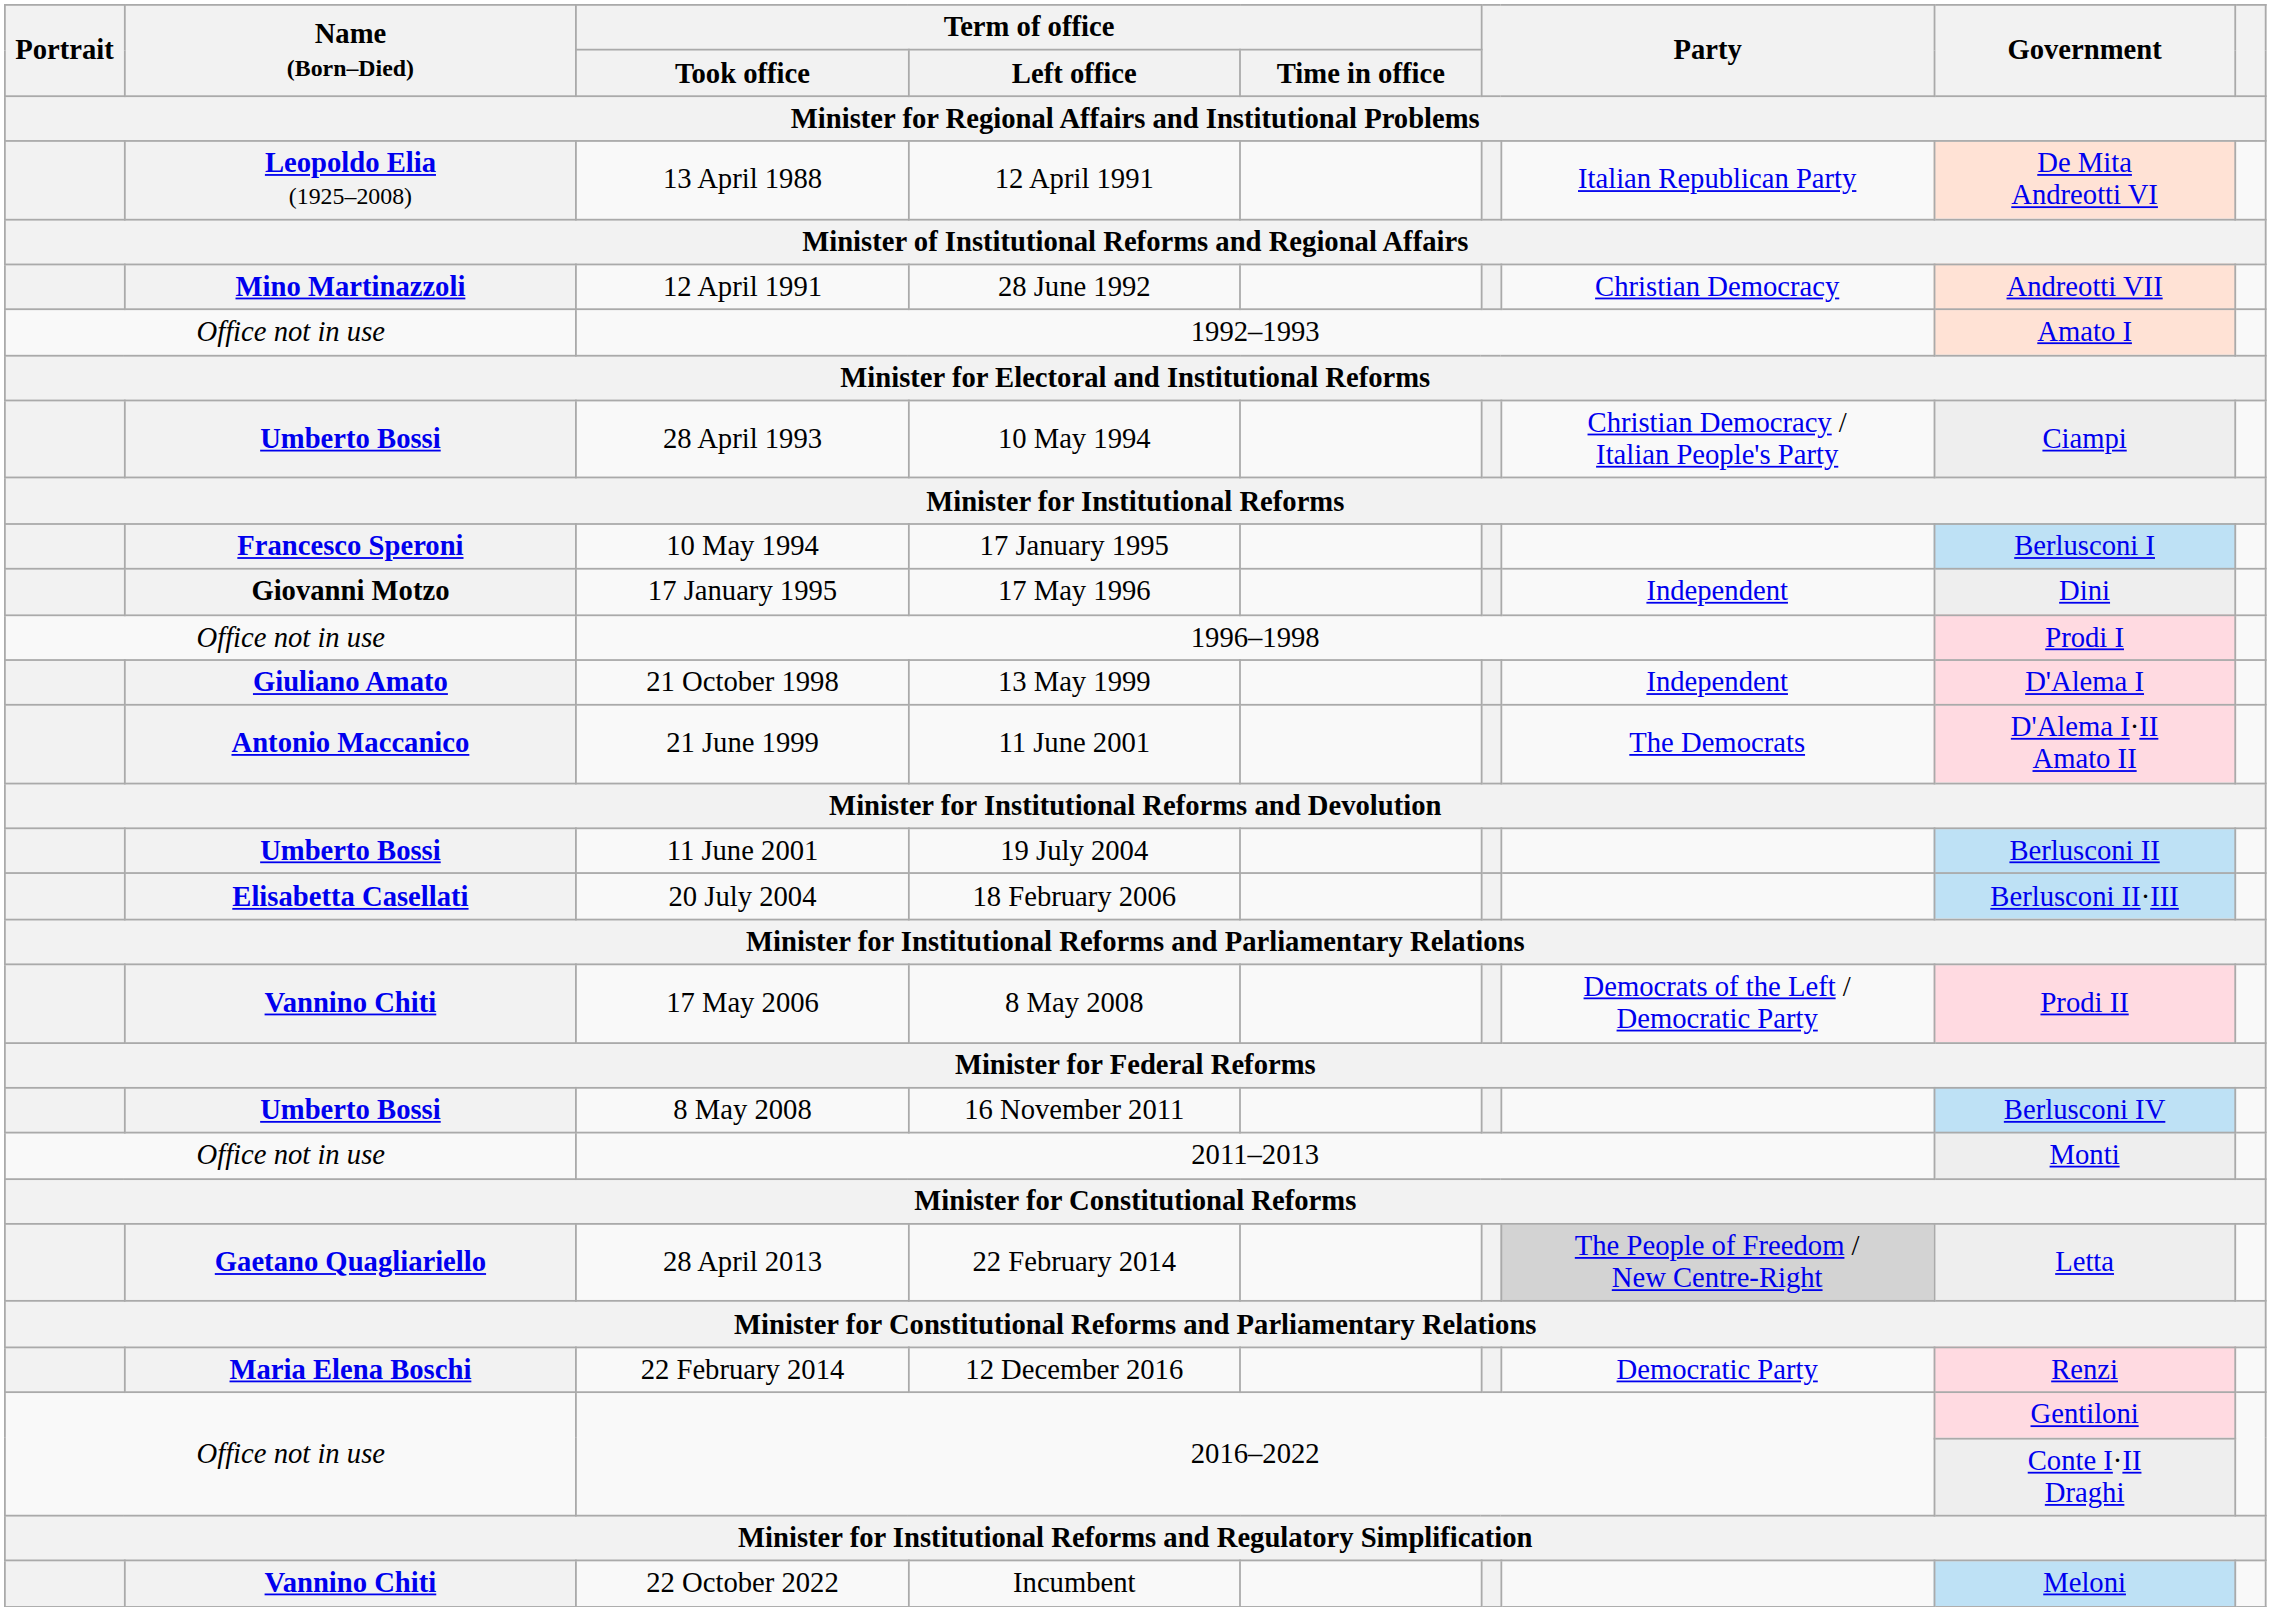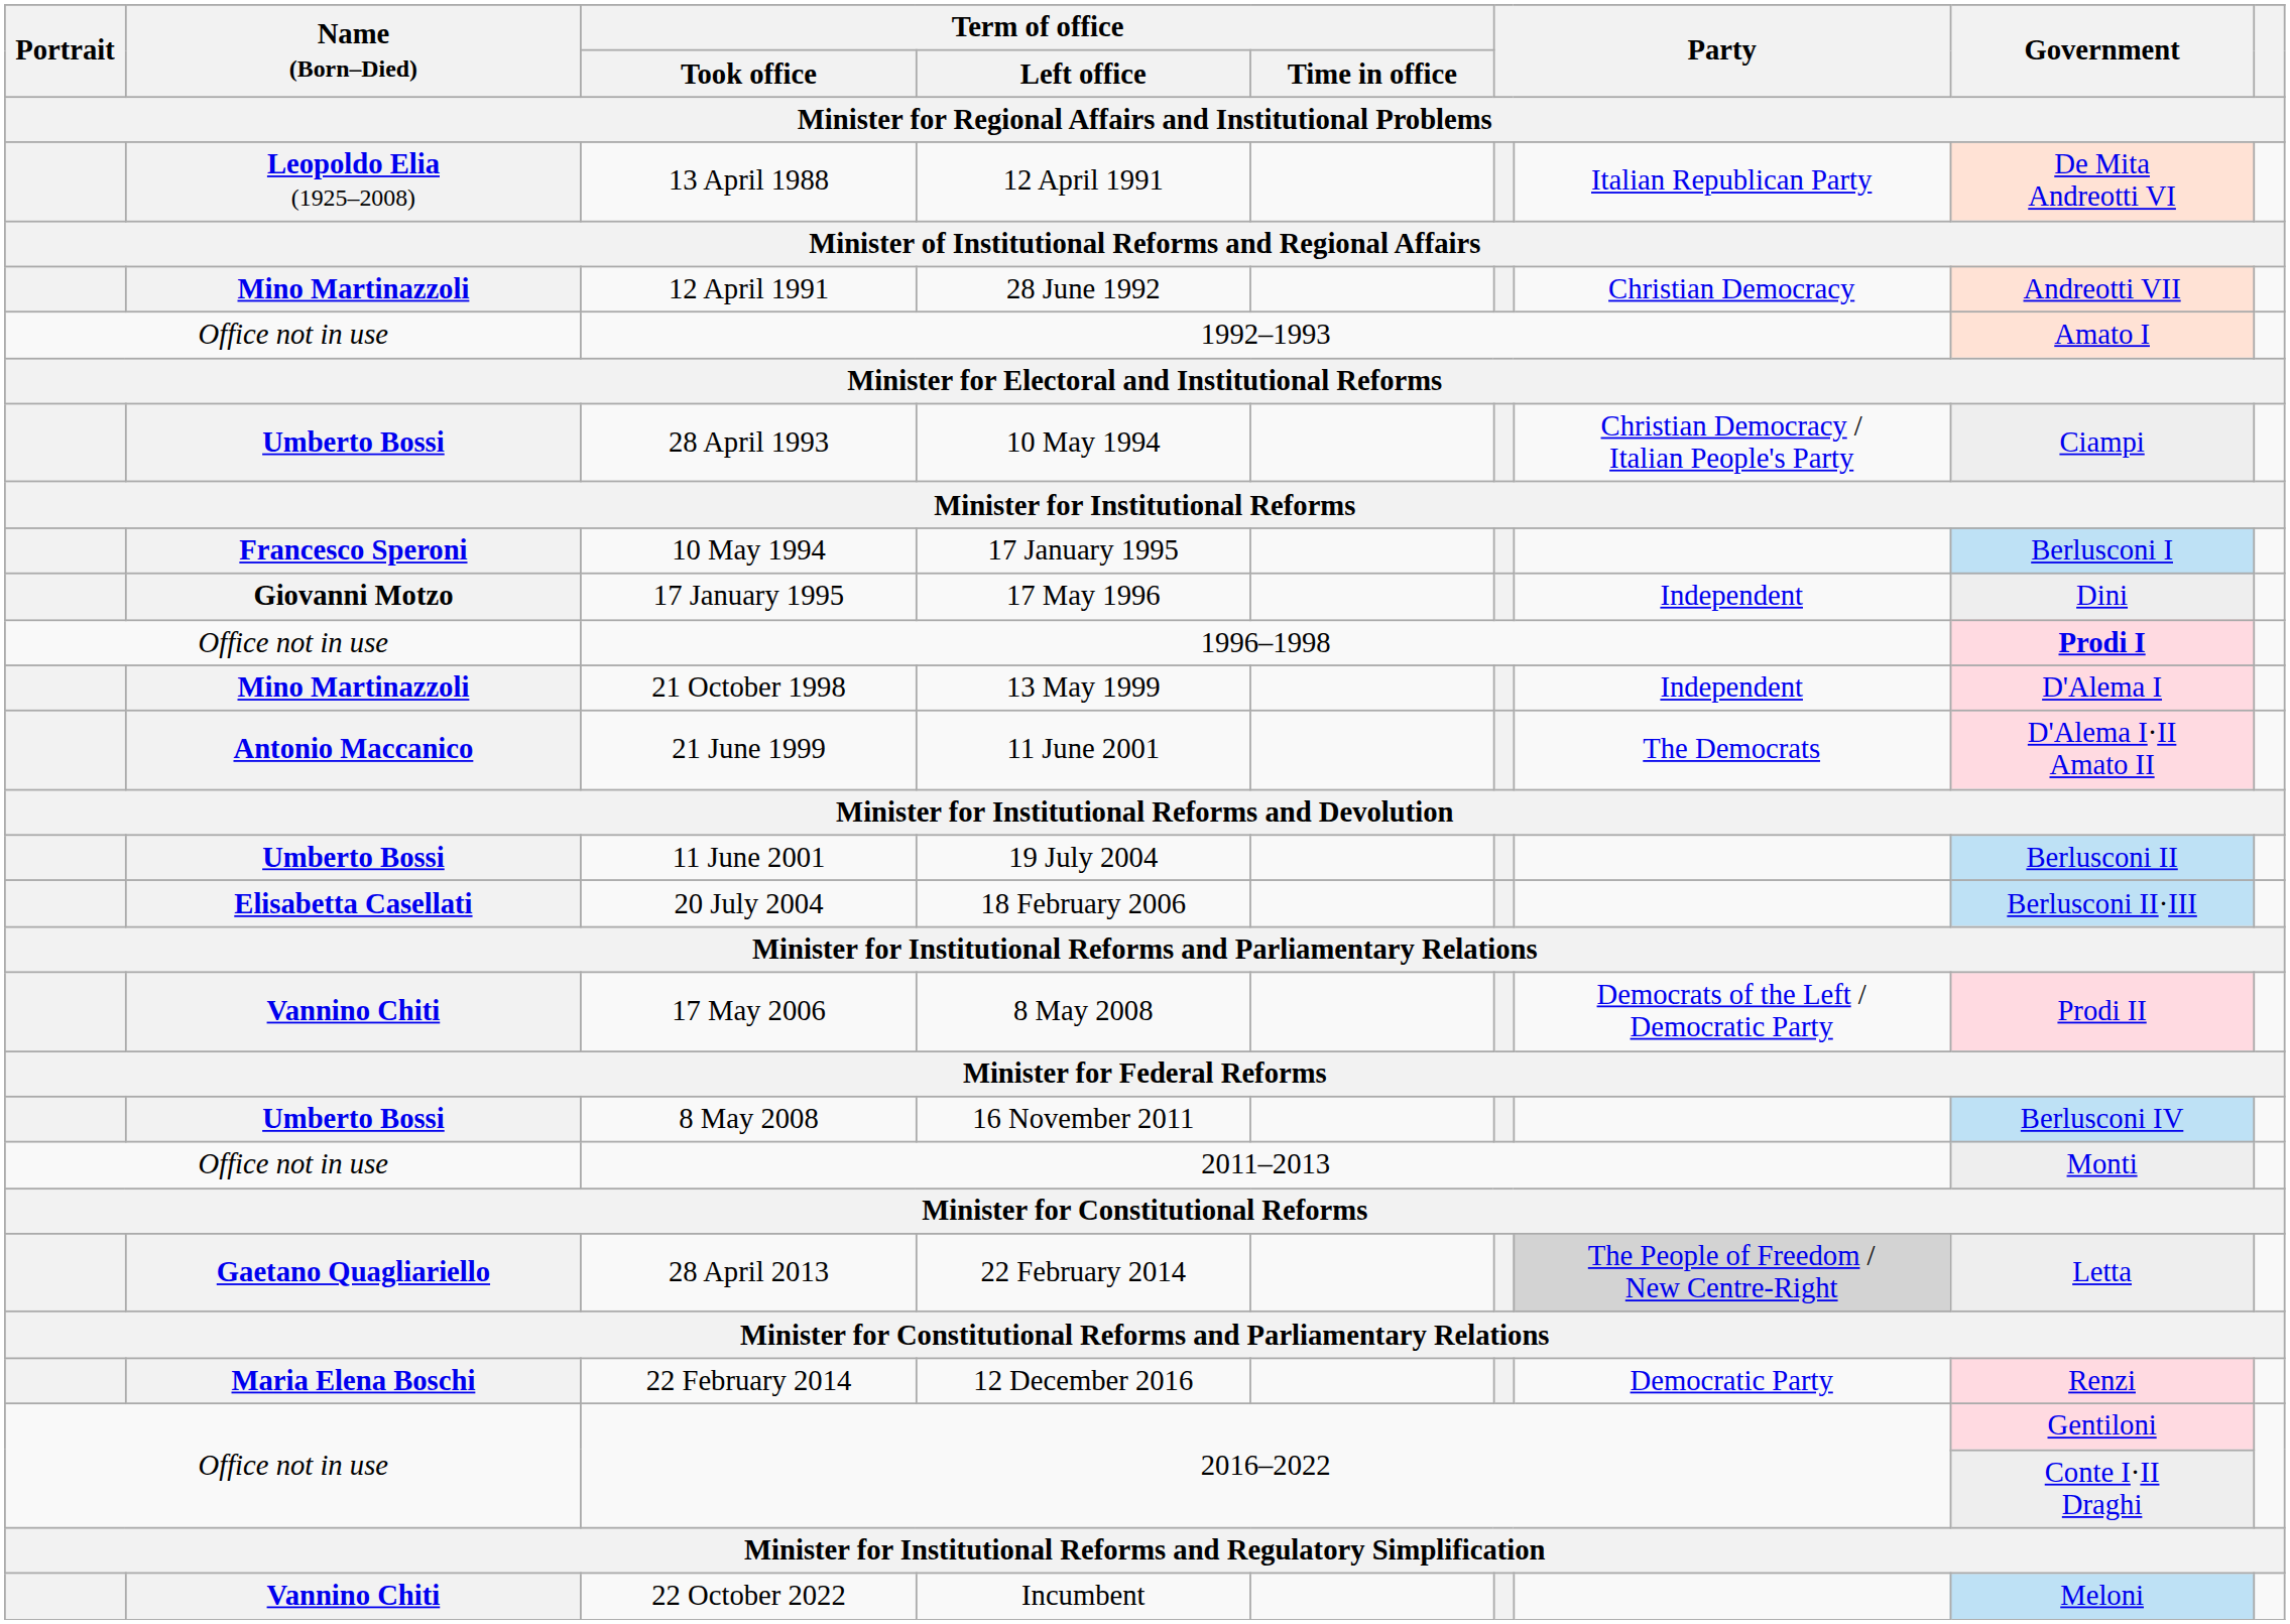 <table class="wikitable" style="text-align:center; style="width=100%">
 <tr>
 <th width=1% rowspan=2>Portrait</th>
 <th width=15% rowspan=2>Name<br><small>(Born–Died)</small></th>
 <th width=30% colspan=3>Term of office</th>
 <th width=15% rowspan=2 colspan=2>Party</th>
 <th width=10% rowspan=2>Government</th>
 <th width=1% rowspan=2></th>
 </tr>
 <tr style="text-align:center;">
 <th width=11%>Took office</th>
 <th width=11%>Left office</th>
 <th width=8%>Time in office</th>
 </tr>
 <tr>
 <th colspan=9>Minister for Regional Affairs and Institutional Problems</th>
 </tr>
 <tr>
 <th></th>
 <th scope="row" style="font-weight:normal"><strong><a href='#'>Leopoldo Elia</a></strong><br><small>(1925–2008)</small></th>
 <td>13 April 1988</td>
 <td>12 April 1991</td>
 <td></td>
 <th style="background:"></th>
 <td><a href='#'>Italian Republican Party</a></td>
 <td bgcolor=#FFE2D5><a href='#'>De Mita</a><br><a href='#'>Andreotti VI</a></td>
 <td></td>
 </tr>
 <tr>
 <th colspan=9>Minister of Institutional Reforms and Regional Affairs</th>
 </tr>
 <tr>
 <th></th>
 <th scope="row" style="font-weight:normal"><strong><a href='#'>Mino Martinazzoli</a></strong><br></th>
 <td>12 April 1991</td>
 <td>28 June 1992</td>
 <td></td>
 <th style="background:"></th>
 <td><a href='#'>Christian Democracy</a></td>
 <td bgcolor=#FFE2D5><a href='#'>Andreotti VII</a></td>
 <td></td>
 </tr>
 <tr>
 <td colspan=2><em>Office not in use</em></td>
 <td colspan=5 align="center">1992–1993</td>
 <td bgcolor=#FFE2D5><a href='#'>Amato I</a></td>
 <td></td>
 </tr>
 <tr>
 <th colspan=9>Minister for Electoral and Institutional Reforms</th>
 </tr>
 <tr>
 <th></th>
 <th scope="row" style="font-weight:normal"><strong><a href='#'>Umberto Bossi</a></strong><br></th>
 <td>28 April 1993</td>
 <td>10 May 1994</td>
 <td></td>
 <th style="background:"></th>
 <td><a href='#'>Christian Democracy</a> /<br><a href='#'>Italian People's Party</a></td>
 <td bgcolor=#EEEEEE><a href='#'>Ciampi</a></td>
 <td></td>
 </tr>
 <tr>
 <th colspan=9>Minister for Institutional Reforms</th>
 </tr>
 <tr>
 <th></th>
 <th scope="row" style="font-weight:normal"><strong><a href='#'>Francesco Speroni</a></strong><br></th>
 <td>10 May 1994</td>
 <td>17 January 1995</td>
 <td></td>
 <th style="background:"></th>
 <td></td>
 <td bgcolor=#BEE1F5><a href='#'>Berlusconi I</a></td>
 <td></td>
 </tr>
 <tr>
 <th></th>
 <th scope="row" style="font-weight:normal"><strong>Giovanni Motzo</strong><br></th>
 <td>17 January 1995</td>
 <td>17 May 1996</td>
 <td></td>
 <th style="background:"></th>
 <td><a href='#'>Independent</a></td>
 <td bgcolor=#EEEEEE><a href='#'>Dini</a></td>
 <td></td>
 </tr>
 <tr>
 <td colspan=2><em>Office not in use</em></td>
 <td colspan=5 align="center">1996–1998</td>
-<td bgcolor=#FFDAE1><a href='#'>Prodi I</a></td>
+<td bgcolor=#FFDAE1><strong><a href='#'>Prodi I</a></strong></td>
 <td></td>
 </tr>
 <tr>
 <th></th>
-<th scope="row" style="font-weight:normal"><strong><a href='#'>Giuliano Amato</a></strong><br></th>
+<th scope="row" style="font-weight:normal"><strong><a href='#'>Mino Martinazzoli</a></strong><br></th>
 <td>21 October 1998</td>
 <td>13 May 1999</td>
 <td></td>
 <th style="background:"></th>
 <td><a href='#'>Independent</a></td>
 <td bgcolor=#FFDAE1><a href='#'>D'Alema I</a></td>
 <td></td>
 </tr>
 <tr>
 <th></th>
 <th scope="row" style="font-weight:normal"><strong><a href='#'>Antonio Maccanico</a></strong><br></th>
 <td>21 June 1999</td>
 <td>11 June 2001</td>
 <td></td>
 <th style="background:"></th>
 <td><a href='#'>The Democrats</a></td>
 <td bgcolor=#FFDAE1><a href='#'>D'Alema I</a>·<a href='#'>II</a><br><a href='#'>Amato II</a></td>
 <td></td>
 </tr>
 <tr>
 <th colspan=9>Minister for Institutional Reforms and Devolution</th>
 </tr>
 <tr>
 <th></th>
 <th scope="row" style="font-weight:normal"><strong><a href='#'>Umberto Bossi</a></strong><br></th>
 <td>11 June 2001</td>
 <td>19 July 2004</td>
 <td></td>
 <th style="background:"></th>
 <td></td>
 <td bgcolor=#BEE1F5><a href='#'>Berlusconi II</a></td>
 <td></td>
 </tr>
 <tr>
 <th></th>
 <th scope="row" style="font-weight:normal"><strong><a href='#'>Elisabetta Casellati</a></strong><br></th>
 <td>20 July 2004</td>
 <td>18 February 2006</td>
 <td></td>
 <th style="background:"></th>
 <td></td>
 <td bgcolor=#BEE1F5><a href='#'>Berlusconi II</a>·<a href='#'>III</a></td>
 <td></td>
 </tr>
 <tr>
 <th colspan=9>Minister for Institutional Reforms and Parliamentary Relations</th>
 </tr>
 <tr>
 <th></th>
 <th scope="row" style="font-weight:normal"><strong><a href='#'>Vannino Chiti</a></strong><br></th>
 <td>17 May 2006</td>
 <td>8 May 2008</td>
 <td></td>
 <th style="background:"></th>
 <td><a href='#'>Democrats of the Left</a> /<br><a href='#'>Democratic Party</a></td>
 <td bgcolor=#FFDAE1><a href='#'>Prodi II</a></td>
 <td></td>
 </tr>
 <tr>
 <th colspan=9>Minister for Federal Reforms</th>
 </tr>
 <tr>
 <th></th>
 <th scope="row" style="font-weight:normal"><strong><a href='#'>Umberto Bossi</a></strong><br></th>
 <td>8 May 2008</td>
 <td>16 November 2011</td>
 <td></td>
 <th style="background:"></th>
 <td></td>
 <td bgcolor=#BEE1F5><a href='#'>Berlusconi IV</a></td>
 <td></td>
 </tr>
 <tr>
 <td colspan=2><em>Office not in use</em></td>
 <td colspan=5 align="center">2011–2013</td>
 <td bgcolor=#EEEEEE><a href='#'>Monti</a></td>
 <td></td>
 </tr>
 <tr>
 <th colspan=9>Minister for Constitutional Reforms</th>
 </tr>
 <tr>
 <th></th>
 <th scope="row" style="font-weight:normal"><strong><a href='#'>Gaetano Quagliariello</a></strong><br></th>
 <td>28 April 2013</td>
 <td>22 February 2014</td>
 <td></td>
 <th style="background:"></th>
 <td style="background: lightgrey;"><a href='#'>The People of Freedom</a> /<br><a href='#'>New Centre-Right</a></td>
 <td bgcolor=#EEEEEE><a href='#'>Letta</a></td>
 <td></td>
 </tr>
 <tr>
 <th colspan=9>Minister for Constitutional Reforms and Parliamentary Relations</th>
 </tr>
 <tr>
 <th></th>
 <th scope="row" style="font-weight:normal"><strong><a href='#'>Maria Elena Boschi</a></strong><br></th>
 <td>22 February 2014</td>
 <td>12 December 2016</td>
 <td></td>
 <th style="background:"></th>
 <td><a href='#'>Democratic Party</a></td>
 <td bgcolor=#FFDAE1><a href='#'>Renzi</a></td>
 <td></td>
 </tr>
 <tr>
 <td rowspan=2 colspan=2><em>Office not in use</em></td>
 <td rowspan=2 colspan=5 align="center">2016–2022</td>
 <td bgcolor=#FFDAE1><a href='#'>Gentiloni</a></td>
 <td rowspan=2></td>
 </tr>
 <tr>
 <td bgcolor=#EEEEEE><a href='#'>Conte I</a>·<a href='#'>II</a><br><a href='#'>Draghi</a></td>
 </tr>
 <tr>
 <th colspan=9>Minister for Institutional Reforms and Regulatory Simplification</th>
 </tr>
 <tr>
 <th></th>
 <th scope="row" style="font-weight:normal"><strong><a href='#'>Vannino Chiti</a></strong><br></th>
 <td>22 October 2022</td>
 <td>Incumbent</td>
 <td></td>
 <th style="background:"></th>
 <td></td>
 <td bgcolor=#BEE1F5><a href='#'>Meloni</a></td>
 <td></td>
 </tr>
 </table>
